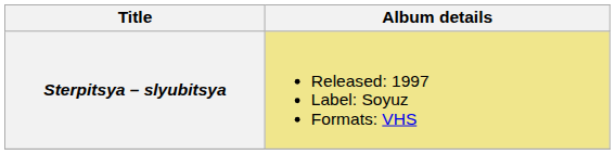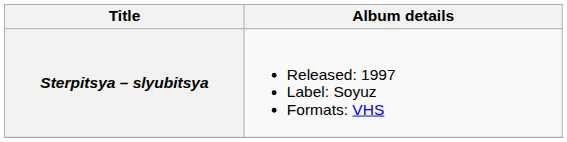 <table class="wikitable plainrowheaders" style="text-align:center;">
 <tr>
 <th scope="col" style="width:15em;">Title</th>
 <th scope="col" style="width:20em;">Album details</th>
 </tr>
 <tr>
 <th scope="row"><em>Sterpitsya – slyubitsya</em></th>
-<td align=left style="background: khaki;"><br><ul><li>Released: 1997</li><li>Label: Soyuz</li><li>Formats: <a href='#'>VHS</a></li></ul></td>
+<td align=left><br><ul><li>Released: 1997</li><li>Label: Soyuz</li><li>Formats: <a href='#'>VHS</a></li></ul></td>
 </tr>
 <tr>
 </tr>
 </table>
